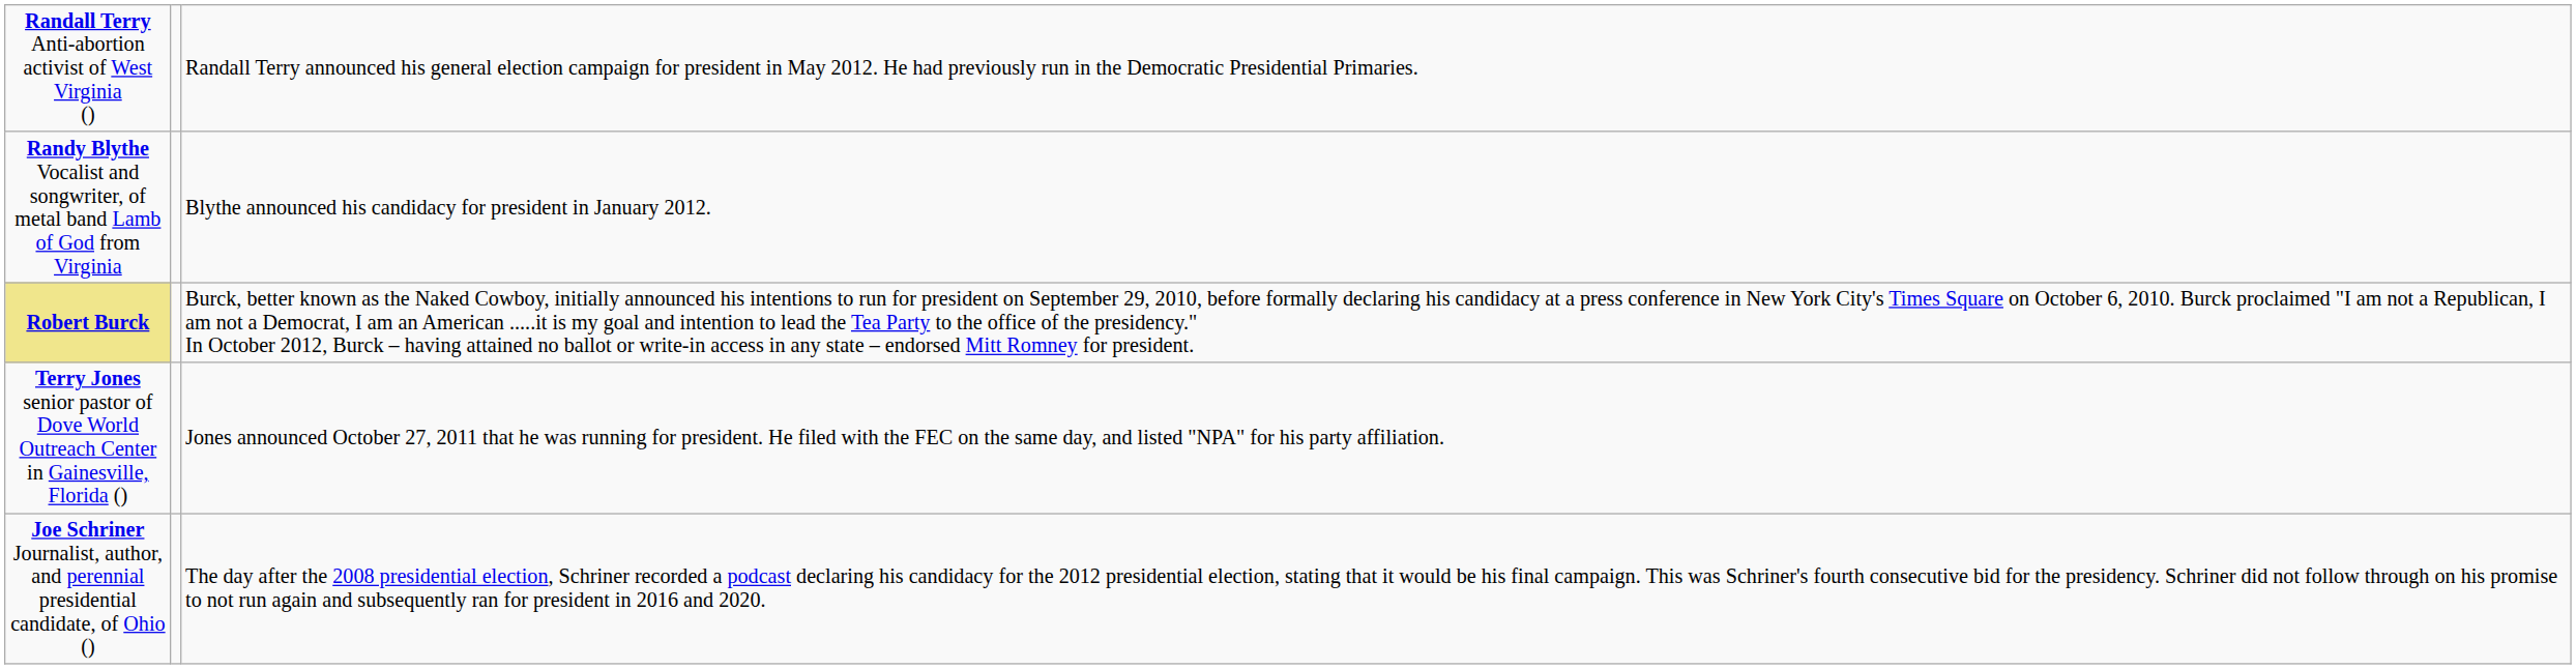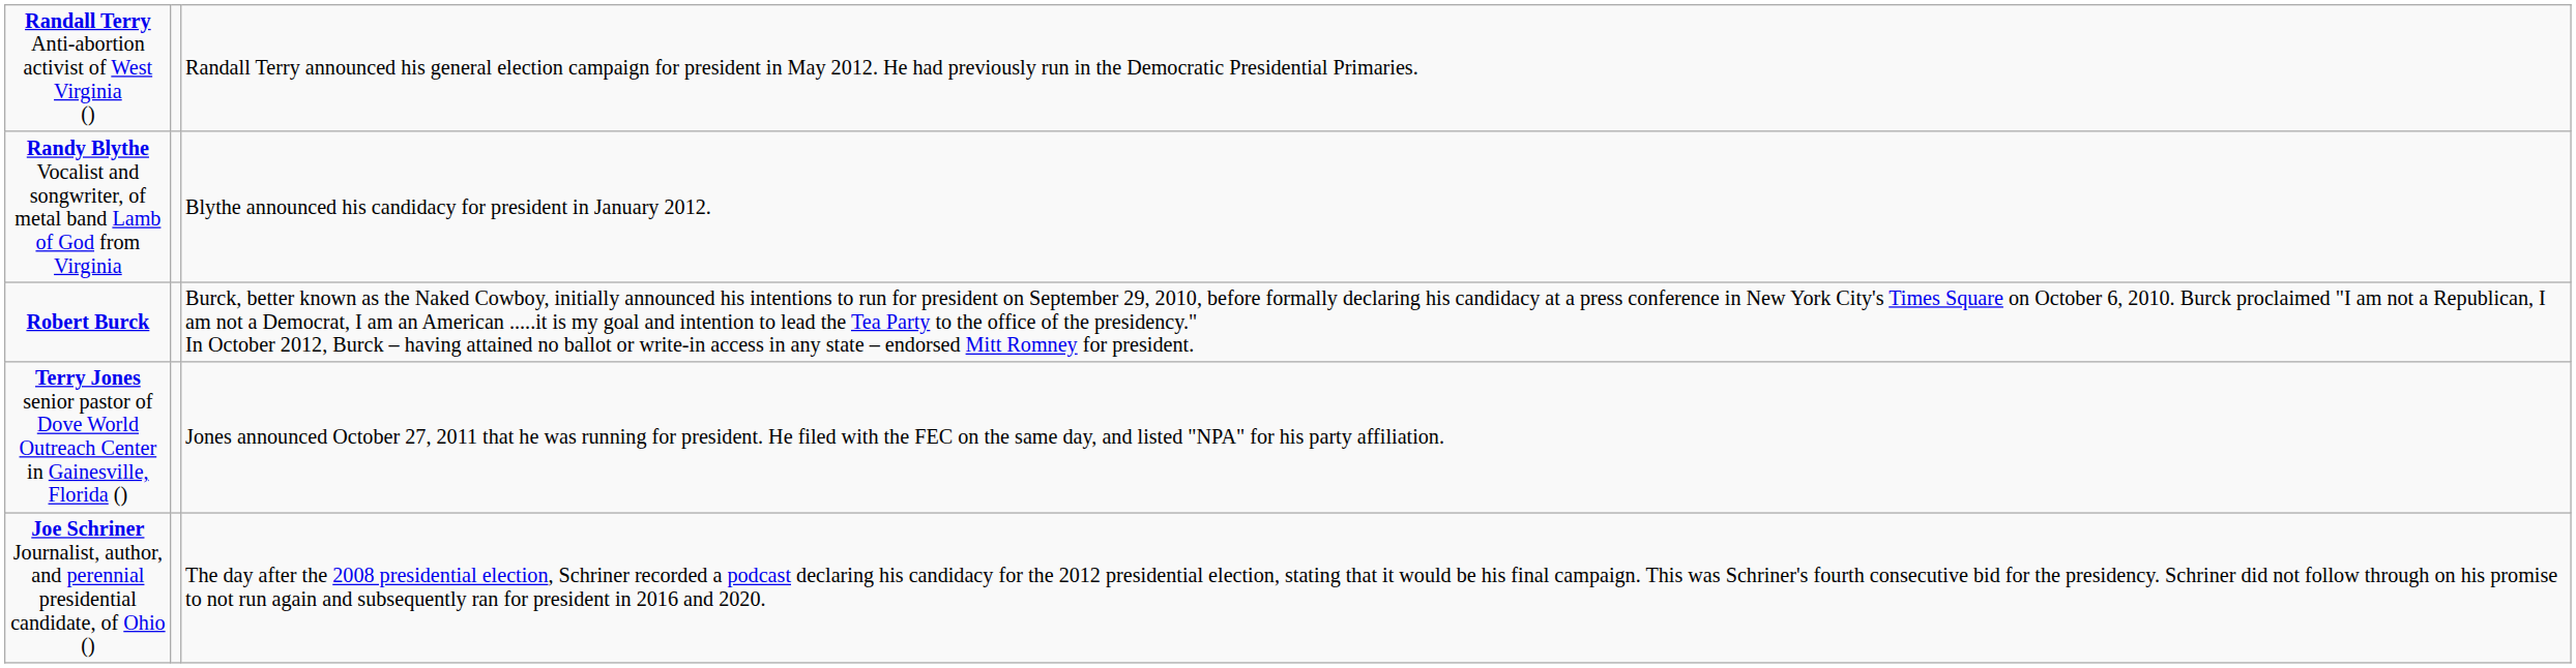 <table class=wikitable>
 <tr>
 <td style="text-align:center; width:120px;"><strong><a href='#'>Randall Terry</a></strong><br>Anti-abortion activist of <a href='#'>West Virginia</a><br>()</td>
 <td></td>
 <td>Randall Terry announced his general election campaign for president in May 2012. He had previously run in the Democratic Presidential Primaries.</td>
 </tr>
 <tr>
 <td style="text-align:center; width:120px;"><strong><a href='#'>Randy Blythe</a></strong><br>Vocalist and songwriter, of metal band <a href='#'>Lamb of God</a> from <a href='#'>Virginia</a></td>
 <td></td>
 <td>Blythe announced his candidacy for president in January 2012.</td>
 </tr>
 <tr>
-<td style="background: khaki; text-align:center; width:120px;"><strong><a href='#'>Robert Burck</a></strong><br></td>
+<td style="text-align:center; width:120px;"><strong><a href='#'>Robert Burck</a></strong><br></td>
 <td></td>
 <td>Burck, better known as the Naked Cowboy, initially announced his intentions to run for president on September 29, 2010, before formally declaring his candidacy at a press conference in New York City's <a href='#'>Times Square</a> on October 6, 2010. Burck proclaimed "I am not a Republican, I am not a Democrat, I am an American .....it is my goal and intention to lead the <a href='#'>Tea Party</a> to the office of the presidency."<br>In October 2012, Burck – having attained no ballot or write-in access in any state – endorsed <a href='#'>Mitt Romney</a> for president.</td>
 </tr>
 <tr>
 <td style="text-align:center; width:120px;"><strong><a href='#'>Terry Jones</a></strong><br>senior pastor of <a href='#'>Dove World Outreach Center</a> in <a href='#'>Gainesville, Florida</a> ()</td>
 <td></td>
 <td>Jones announced October 27, 2011 that he was running for president. He filed with the FEC on the same day, and listed "NPA" for his party affiliation.</td>
 </tr>
 <tr>
 <td style="text-align:center; width:120px;"><strong><a href='#'>Joe Schriner</a></strong><br>Journalist, author, and <a href='#'>perennial</a> presidential candidate, of <a href='#'>Ohio</a><br>()</td>
 <td></td>
 <td>The day after the <a href='#'>2008 presidential election</a>, Schriner recorded a <a href='#'>podcast</a> declaring his candidacy for the 2012 presidential election, stating that it would be his final campaign. This was Schriner's fourth consecutive bid for the presidency. Schriner did not follow through on his promise to not run again and subsequently ran for president in 2016 and 2020.</td>
 </tr>
 </table>
